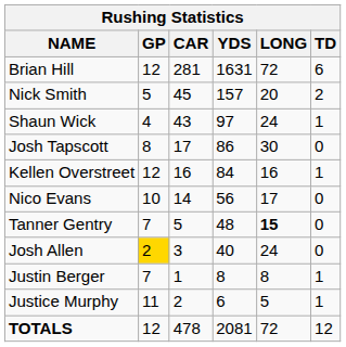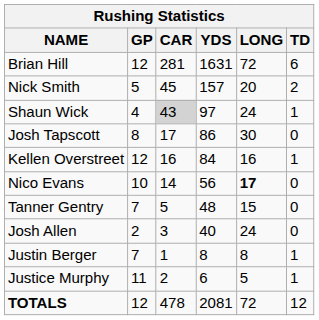 <table class="wikitable sortable collapsible collapsed">
 <tr>
 <th colspan="7">Rushing Statistics</th>
 </tr>
 <tr>
 <th>NAME</th>
 <th>GP</th>
 <th>CAR</th>
 <th>YDS</th>
 <th>LONG</th>
 <th>TD</th>
 </tr>
 <tr>
 <td>Brian Hill</td>
 <td>12</td>
 <td>281</td>
 <td>1631</td>
 <td>72</td>
 <td>6</td>
 </tr>
 <tr>
 <td>Nick Smith</td>
 <td>5</td>
 <td>45</td>
 <td>157</td>
 <td>20</td>
 <td>2</td>
 </tr>
 <tr>
 <td>Shaun Wick</td>
 <td>4</td>
-<td>43</td>
+<td style="background: lightgrey;">43</td>
 <td>97</td>
 <td>24</td>
 <td>1</td>
 </tr>
 <tr>
 <td>Josh Tapscott</td>
 <td>8</td>
 <td>17</td>
 <td>86</td>
 <td>30</td>
 <td>0</td>
 </tr>
 <tr>
 <td>Kellen Overstreet</td>
 <td>12</td>
 <td>16</td>
 <td>84</td>
 <td>16</td>
 <td>1</td>
 </tr>
 <tr>
 <td>Nico Evans</td>
 <td>10</td>
 <td>14</td>
 <td>56</td>
-<td>17</td>
+<td><strong>17</strong></td>
 <td>0</td>
 </tr>
 <tr>
 <td>Tanner Gentry</td>
 <td>7</td>
 <td>5</td>
 <td>48</td>
-<td><strong>15</strong></td>
+<td>15</td>
 <td>0</td>
 </tr>
 <tr>
 <td>Josh Allen</td>
-<td style="background: gold;">2</td>
+<td>2</td>
 <td>3</td>
 <td>40</td>
 <td>24</td>
 <td>0</td>
 </tr>
 <tr>
 <td>Justin Berger</td>
 <td>7</td>
 <td>1</td>
 <td>8</td>
 <td>8</td>
 <td>1</td>
 </tr>
 <tr>
 <td>Justice Murphy</td>
 <td>11</td>
 <td>2</td>
 <td>6</td>
 <td>5</td>
 <td>1</td>
 </tr>
 <tr>
 <td><strong>TOTALS</strong></td>
 <td>12</td>
 <td>478</td>
 <td>2081</td>
 <td>72</td>
 <td>12</td>
 </tr>
 </table>
